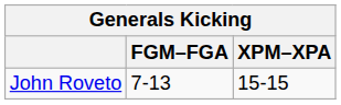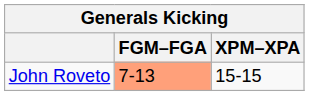 <table class="wikitable">
 <tr>
 <th colspan="8">Generals Kicking</th>
 </tr>
 <tr>
 <th></th>
 <th>FGM–FGA</th>
 <th>XPM–XPA</th>
 </tr>
 <tr>
 <td><a href='#'>John Roveto</a></td>
-<td>7-13</td>
+<td style="background: lightsalmon;">7-13</td>
 <td>15-15</td>
 </tr>
 </table>
